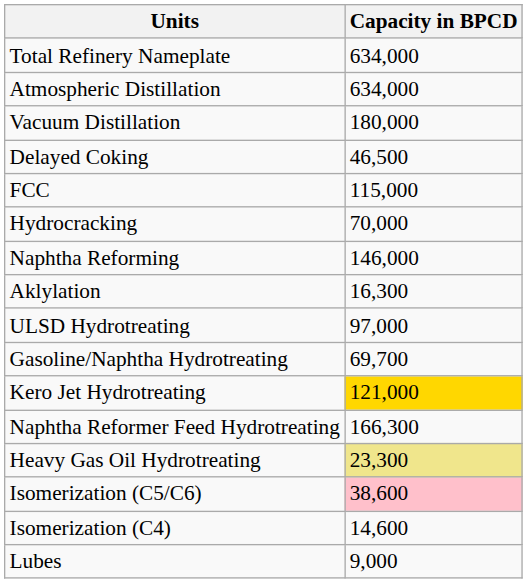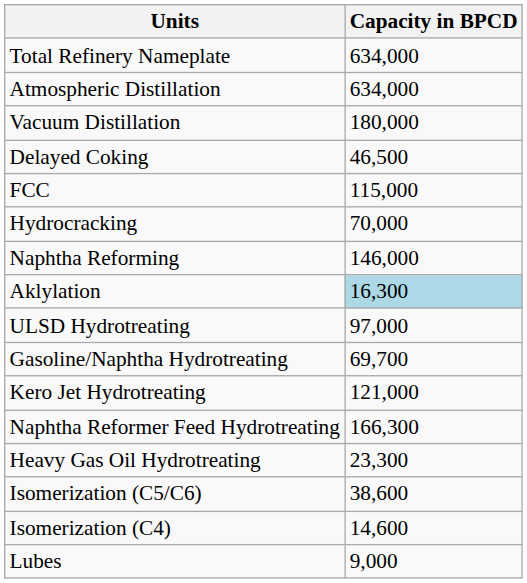 <table class="wikitable">
 <tr>
 <th>Units</th>
 <th>Capacity in BPCD</th>
 </tr>
 <tr>
 <td>Total Refinery Nameplate</td>
 <td>634,000</td>
 </tr>
 <tr>
 <td>Atmospheric Distillation</td>
 <td>634,000</td>
 </tr>
 <tr>
 <td>Vacuum Distillation</td>
 <td>180,000</td>
 </tr>
 <tr>
 <td>Delayed Coking</td>
 <td>46,500</td>
 </tr>
 <tr>
 <td>FCC</td>
 <td>115,000</td>
 </tr>
 <tr>
 <td>Hydrocracking</td>
 <td>70,000</td>
 </tr>
 <tr>
 <td>Naphtha Reforming</td>
 <td>146,000</td>
 </tr>
 <tr>
 <td>Aklylation</td>
-<td>16,300</td>
+<td style="background: lightblue;">16,300</td>
 </tr>
 <tr>
 <td>ULSD Hydrotreating</td>
 <td>97,000</td>
 </tr>
 <tr>
 <td>Gasoline/Naphtha Hydrotreating</td>
 <td>69,700</td>
 </tr>
 <tr>
 <td>Kero Jet Hydrotreating</td>
-<td style="background: gold;">121,000</td>
+<td>121,000</td>
 </tr>
 <tr>
 <td>Naphtha Reformer Feed Hydrotreating</td>
 <td>166,300</td>
 </tr>
 <tr>
 <td>Heavy Gas Oil Hydrotreating</td>
-<td style="background: khaki;">23,300</td>
+<td>23,300</td>
 </tr>
 <tr>
 <td>Isomerization (C5/C6)</td>
-<td style="background: pink;">38,600</td>
+<td>38,600</td>
 </tr>
 <tr>
 <td>Isomerization (C4)</td>
 <td>14,600</td>
 </tr>
 <tr>
 <td>Lubes</td>
 <td>9,000</td>
 </tr>
 </table>
